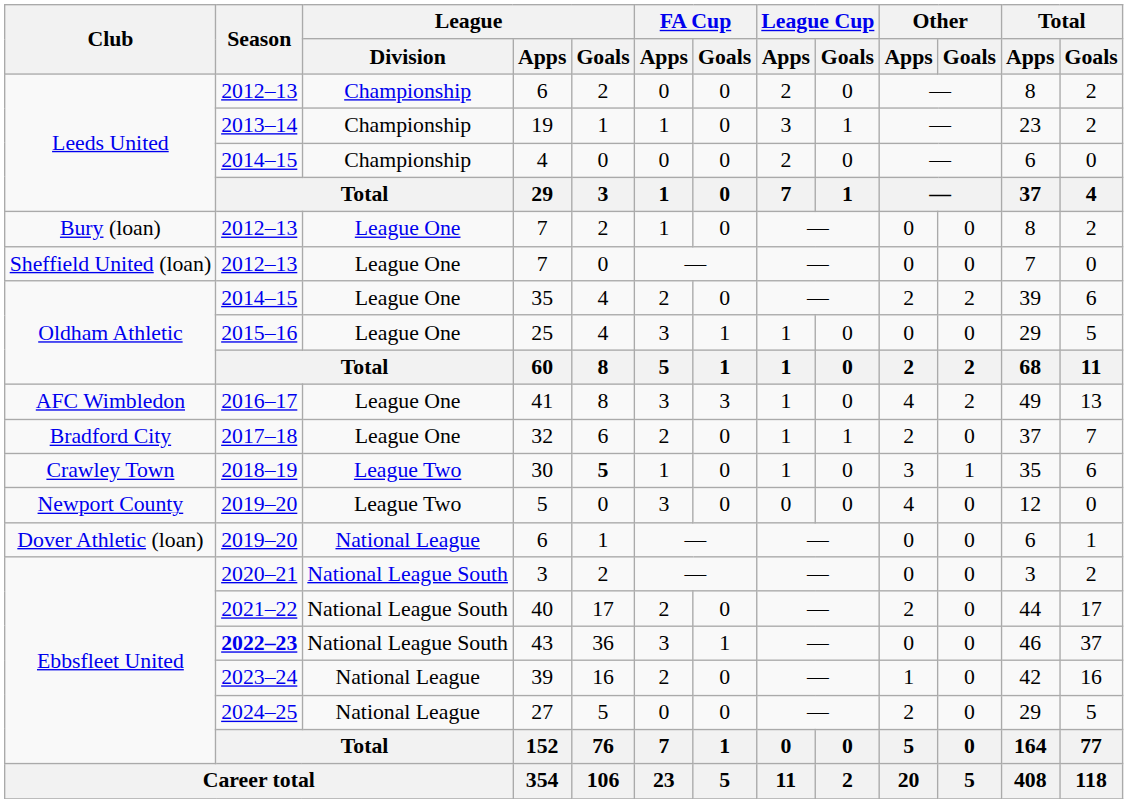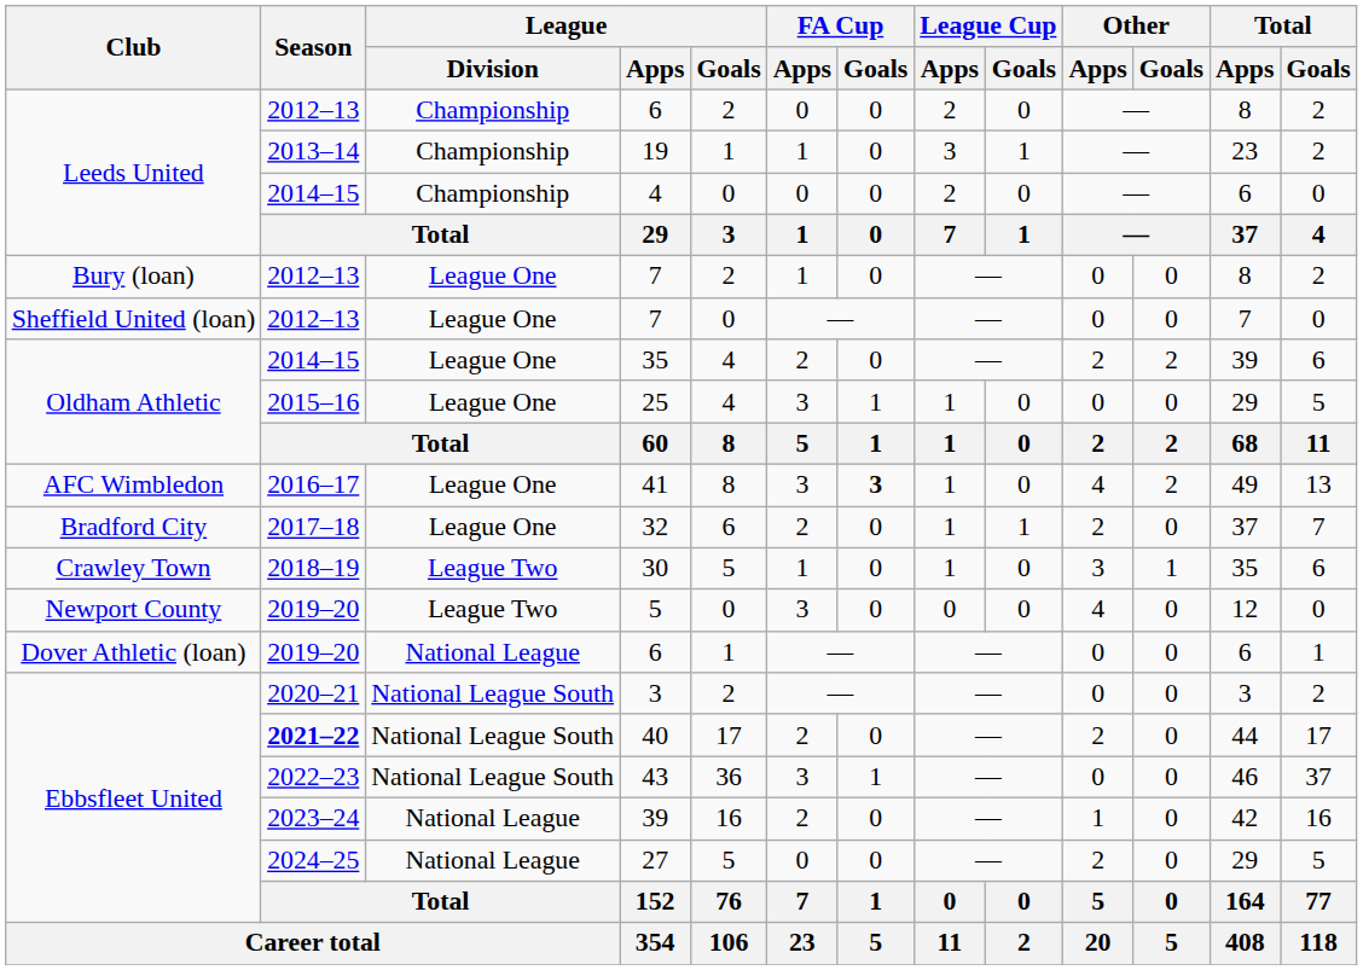 <table class="wikitable" style="text-align:center">
 <tr>
 <th rowspan="2">Club</th>
 <th rowspan="2">Season</th>
 <th colspan="3">League</th>
 <th colspan="2"><a href='#'>FA Cup</a></th>
 <th colspan="2"><a href='#'>League Cup</a></th>
 <th colspan="2">Other</th>
 <th colspan="2">Total</th>
 </tr>
 <tr>
 <th>Division</th>
 <th>Apps</th>
 <th>Goals</th>
 <th>Apps</th>
 <th>Goals</th>
 <th>Apps</th>
 <th>Goals</th>
 <th>Apps</th>
 <th>Goals</th>
 <th>Apps</th>
 <th>Goals</th>
 </tr>
 <tr>
 <td rowspan="4" valign="center"><a href='#'>Leeds United</a></td>
 <td><a href='#'>2012–13</a></td>
 <td><a href='#'>Championship</a></td>
 <td>6</td>
 <td>2</td>
 <td>0</td>
 <td>0</td>
 <td>2</td>
 <td>0</td>
 <td colspan="2">—</td>
 <td>8</td>
 <td>2</td>
 </tr>
 <tr>
 <td><a href='#'>2013–14</a></td>
 <td>Championship</td>
 <td>19</td>
 <td>1</td>
 <td>1</td>
 <td>0</td>
 <td>3</td>
 <td>1</td>
 <td colspan="2">—</td>
 <td>23</td>
 <td>2</td>
 </tr>
 <tr>
 <td><a href='#'>2014–15</a></td>
 <td>Championship</td>
 <td>4</td>
 <td>0</td>
 <td>0</td>
 <td>0</td>
 <td>2</td>
 <td>0</td>
 <td colspan="2">—</td>
 <td>6</td>
 <td>0</td>
 </tr>
 <tr>
 <th colspan="2">Total</th>
 <th>29</th>
 <th>3</th>
 <th>1</th>
 <th>0</th>
 <th>7</th>
 <th>1</th>
 <th colspan="2">—</th>
 <th>37</th>
 <th>4</th>
 </tr>
 <tr>
 <td rowspan="1" valign="center"><a href='#'>Bury</a> (loan)</td>
 <td><a href='#'>2012–13</a></td>
 <td><a href='#'>League One</a></td>
 <td>7</td>
 <td>2</td>
 <td>1</td>
 <td>0</td>
 <td colspan="2">—</td>
 <td>0</td>
 <td>0</td>
 <td>8</td>
 <td>2</td>
 </tr>
 <tr>
 <td rowspan="1" valign="center"><a href='#'>Sheffield United</a> (loan)</td>
 <td><a href='#'>2012–13</a></td>
 <td>League One</td>
 <td>7</td>
 <td>0</td>
 <td colspan="2">—</td>
 <td colspan="2">—</td>
 <td>0</td>
 <td>0</td>
 <td>7</td>
 <td>0</td>
 </tr>
 <tr>
 <td rowspan="3" valign="center"><a href='#'>Oldham Athletic</a></td>
 <td><a href='#'>2014–15</a></td>
 <td>League One</td>
 <td>35</td>
 <td>4</td>
 <td>2</td>
 <td>0</td>
 <td colspan="2">—</td>
 <td>2</td>
 <td>2</td>
 <td>39</td>
 <td>6</td>
 </tr>
 <tr>
 <td><a href='#'>2015–16</a></td>
 <td>League One</td>
 <td>25</td>
 <td>4</td>
 <td>3</td>
 <td>1</td>
 <td>1</td>
 <td>0</td>
 <td>0</td>
 <td>0</td>
 <td>29</td>
 <td>5</td>
 </tr>
 <tr>
 <th colspan="2">Total</th>
 <th>60</th>
 <th>8</th>
 <th>5</th>
 <th>1</th>
 <th>1</th>
 <th>0</th>
 <th>2</th>
 <th>2</th>
 <th>68</th>
 <th>11</th>
 </tr>
 <tr>
 <td rowspan="1" valign="center"><a href='#'>AFC Wimbledon</a></td>
 <td><a href='#'>2016–17</a></td>
 <td>League One</td>
 <td>41</td>
 <td>8</td>
 <td>3</td>
-<td>3</td>
+<td><strong>3</strong></td>
 <td>1</td>
 <td>0</td>
 <td>4</td>
 <td>2</td>
 <td>49</td>
 <td>13</td>
 </tr>
 <tr>
 <td rowspan="1" valign="center"><a href='#'>Bradford City</a></td>
 <td><a href='#'>2017–18</a></td>
 <td>League One</td>
 <td>32</td>
 <td>6</td>
 <td>2</td>
 <td>0</td>
 <td>1</td>
 <td>1</td>
 <td>2</td>
 <td>0</td>
 <td>37</td>
 <td>7</td>
 </tr>
 <tr>
 <td rowspan="1" valign="center"><a href='#'>Crawley Town</a></td>
 <td><a href='#'>2018–19</a></td>
 <td><a href='#'>League Two</a></td>
 <td>30</td>
-<td><strong>5</strong></td>
+<td>5</td>
 <td>1</td>
 <td>0</td>
 <td>1</td>
 <td>0</td>
 <td>3</td>
 <td>1</td>
 <td>35</td>
 <td>6</td>
 </tr>
 <tr>
 <td><a href='#'>Newport County</a></td>
 <td><a href='#'>2019–20</a></td>
 <td>League Two</td>
 <td>5</td>
 <td>0</td>
 <td>3</td>
 <td>0</td>
 <td>0</td>
 <td>0</td>
 <td>4</td>
 <td>0</td>
 <td>12</td>
 <td>0</td>
 </tr>
 <tr>
 <td><a href='#'>Dover Athletic</a> (loan)</td>
 <td><a href='#'>2019–20</a></td>
 <td><a href='#'>National League</a></td>
 <td>6</td>
 <td>1</td>
 <td colspan="2">—</td>
 <td colspan="2">—</td>
 <td>0</td>
 <td>0</td>
 <td>6</td>
 <td>1</td>
 </tr>
 <tr>
 <td rowspan="6" valign="center"><a href='#'>Ebbsfleet United</a></td>
 <td><a href='#'>2020–21</a></td>
 <td><a href='#'>National League South</a></td>
 <td>3</td>
 <td>2</td>
 <td colspan="2">—</td>
 <td colspan="2">—</td>
 <td>0</td>
 <td>0</td>
 <td>3</td>
 <td>2</td>
 </tr>
 <tr>
-<td><a href='#'>2021–22</a></td>
+<td><strong><a href='#'>2021–22</a></strong></td>
 <td>National League South</td>
 <td>40</td>
 <td>17</td>
 <td>2</td>
 <td>0</td>
 <td colspan="2">—</td>
 <td>2</td>
 <td>0</td>
 <td>44</td>
 <td>17</td>
 </tr>
 <tr>
-<td><strong><a href='#'>2022–23</a></strong></td>
+<td><a href='#'>2022–23</a></td>
 <td>National League South</td>
 <td>43</td>
 <td>36</td>
 <td>3</td>
 <td>1</td>
 <td colspan="2">—</td>
 <td>0</td>
 <td>0</td>
 <td>46</td>
 <td>37</td>
 </tr>
 <tr>
 <td><a href='#'>2023–24</a></td>
 <td>National League</td>
 <td>39</td>
 <td>16</td>
 <td>2</td>
 <td>0</td>
 <td colspan="2">—</td>
 <td>1</td>
 <td>0</td>
 <td>42</td>
 <td>16</td>
 </tr>
 <tr>
 <td><a href='#'>2024–25</a></td>
 <td>National League</td>
 <td>27</td>
 <td>5</td>
 <td>0</td>
 <td>0</td>
 <td colspan="2">—</td>
 <td>2</td>
 <td>0</td>
 <td>29</td>
 <td>5</td>
 </tr>
 <tr>
 <th colspan="2">Total</th>
 <th>152</th>
 <th>76</th>
 <th>7</th>
 <th>1</th>
 <th>0</th>
 <th>0</th>
 <th>5</th>
 <th>0</th>
 <th>164</th>
 <th>77</th>
 </tr>
 <tr>
 <th colspan="3">Career total</th>
 <th>354</th>
 <th>106</th>
 <th>23</th>
 <th>5</th>
 <th>11</th>
 <th>2</th>
 <th>20</th>
 <th>5</th>
 <th>408</th>
 <th>118</th>
 </tr>
 </table>
